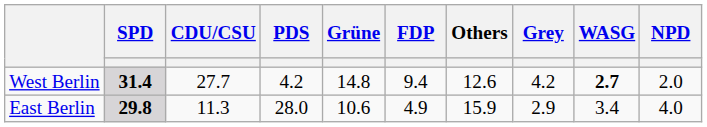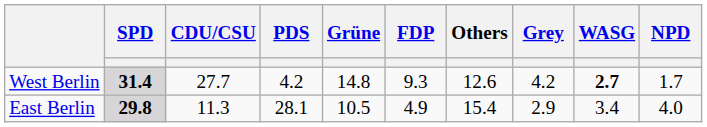 <table class="wikitable sortable" style="text-align: center; font-size: 90%; line-height: 14px;">
 <tr style="height: 40px;">
 <th rowspan="2"></th>
 <th style="width: 40px;"><a href='#'>SPD</a></th>
 <th style="width: 40px;"><a href='#'>CDU/CSU</a></th>
 <th style="width: 40px;"><a href='#'>PDS</a></th>
 <th style="width: 40px;"><a href='#'>Grüne</a></th>
 <th style="width: 40px;"><a href='#'>FDP</a></th>
 <th style="width: 40px;">Others</th>
 <th style="width: 40px;"><a href='#'>Grey</a></th>
 <th style="width: 40px;"><a href='#'>WASG</a></th>
 <th style="width: 40px;"><a href='#'>NPD</a></th>
 </tr>
 <tr>
 <th style="background:"></th>
 <th style="background:"></th>
 <th style="background:"></th>
 <th style="background:"></th>
 <th style="background:"></th>
 <th style="background:"></th>
 <th style="background:"></th>
 <th style="background:"></th>
 <th style="background:"></th>
 </tr>
 <tr>
 <td style="text-align: left;"><a href='#'>West Berlin</a></td>
 <td style="background: #D7D5D7;"><strong>31.4 </strong></td>
 <td>27.7</td>
 <td>4.2</td>
 <td>14.8</td>
-<td>9.4</td>
+<td>9.3</td>
 <td>12.6</td>
 <td>4.2</td>
 <td><strong>2.7</strong></td>
-<td>2.0</td>
+<td>1.7</td>
 </tr>
 <tr>
 <td style="text-align: left;"><a href='#'>East Berlin</a></td>
 <td style="background: #D7D5D7;"><strong>29.8</strong></td>
 <td>11.3</td>
-<td>28.0</td>
-<td>10.6</td>
+<td>28.1</td>
+<td>10.5</td>
 <td>4.9</td>
-<td>15.9</td>
+<td>15.4</td>
 <td>2.9</td>
 <td>3.4</td>
 <td>4.0</td>
 </tr>
 </table>
